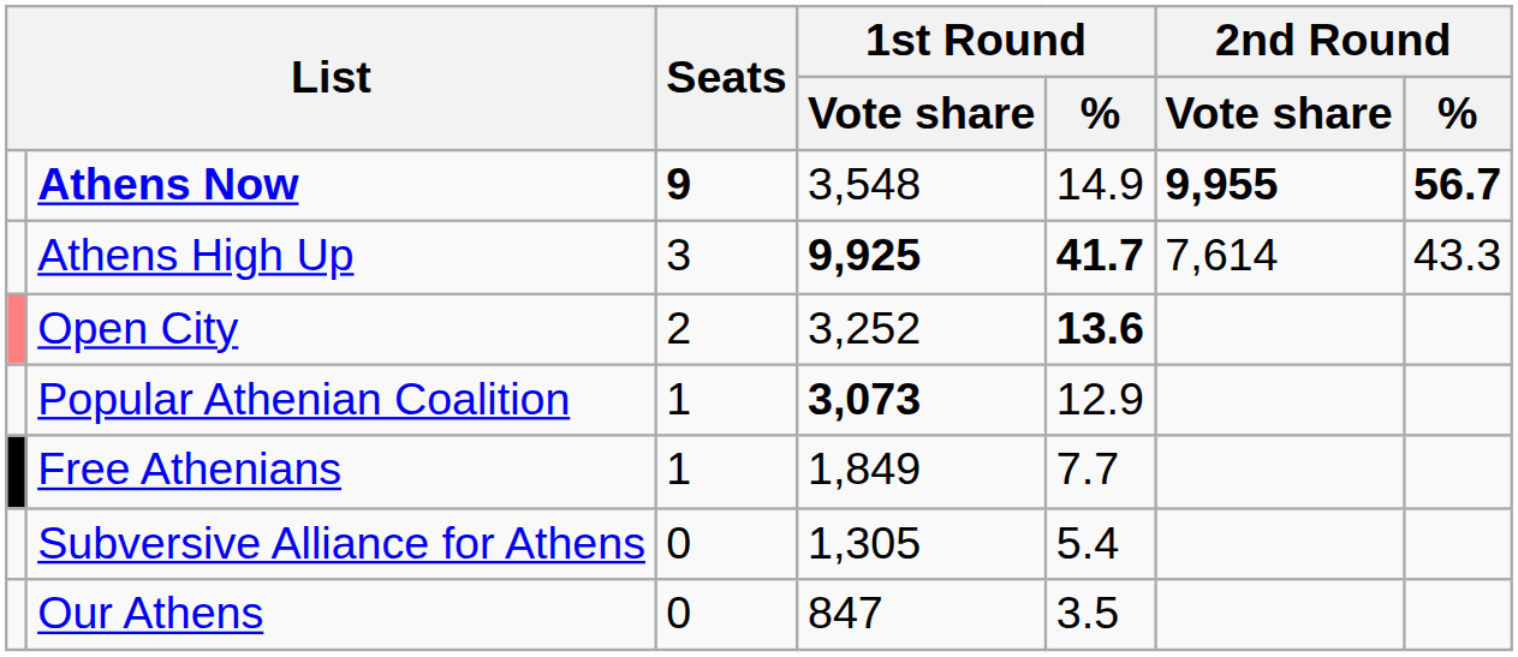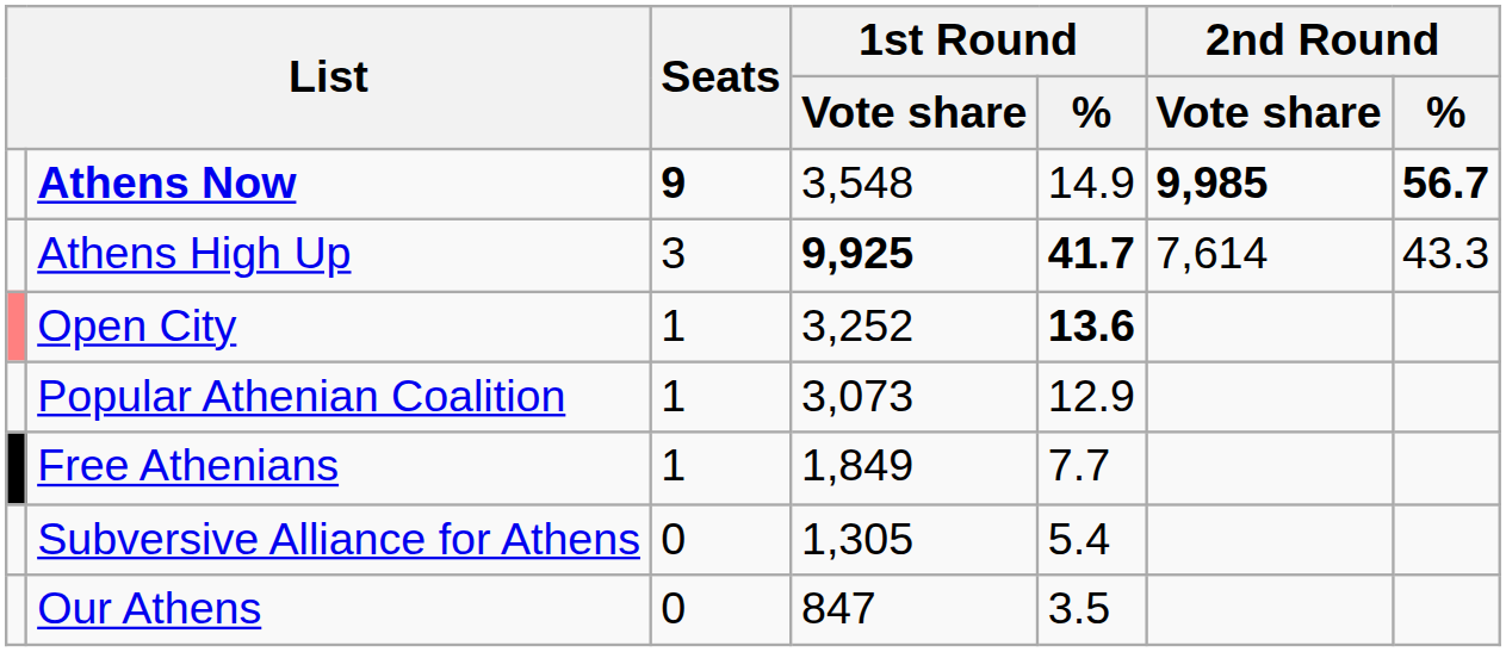 <table class="wikitable">
 <tr>
 <th colspan="2" rowspan="2">List</th>
 <th rowspan="2">Seats</th>
 <th colspan="2">1st Round</th>
 <th colspan="2">2nd Round</th>
 </tr>
 <tr>
 <th><strong>Vote share</strong></th>
 <th>%</th>
 <th><strong>Vote share</strong></th>
 <th>%</th>
 </tr>
 <tr>
 <td style="background-color:"></td>
 <td><strong><a href='#'>Athens Now</a></strong></td>
 <td><strong>9</strong></td>
 <td>3,548</td>
 <td>14.9</td>
-<td><strong>9,955</strong></td>
+<td><strong>9,985</strong></td>
 <td><strong>56.7</strong></td>
 </tr>
 <tr>
 <td style="background-color:"></td>
 <td><a href='#'>Athens High Up</a></td>
 <td>3</td>
 <td><strong>9,925</strong></td>
 <td><strong>41.7</strong></td>
 <td>7,614</td>
 <td>43.3</td>
 </tr>
 <tr>
 <td style="background-color:#ff8080"></td>
 <td><a href='#'>Open City</a></td>
-<td>2</td>
+<td>1</td>
 <td>3,252</td>
 <td><strong>13.6</strong></td>
 <td></td>
 <td></td>
 </tr>
 <tr>
 <td style="background-color:"></td>
 <td><a href='#'>Popular Athenian Coalition</a></td>
 <td>1</td>
-<td><strong>3,073</strong></td>
+<td>3,073</td>
 <td>12.9</td>
 <td></td>
 <td></td>
 </tr>
 <tr>
 <td style="background-color:#000000"></td>
 <td><a href='#'>Free Athenians</a></td>
 <td>1</td>
 <td>1,849</td>
 <td>7.7</td>
 <td></td>
 <td></td>
 </tr>
 <tr>
 <td style="background-color:"></td>
 <td><a href='#'>Subversive Alliance for Athens</a></td>
 <td>0</td>
 <td>1,305</td>
 <td>5.4</td>
 <td></td>
 <td></td>
 </tr>
 <tr>
 <td style="background-color:"></td>
 <td><a href='#'>Our Athens</a></td>
 <td>0</td>
 <td>847</td>
 <td>3.5</td>
 <td></td>
 <td></td>
 </tr>
 </table>
